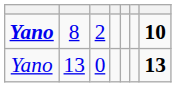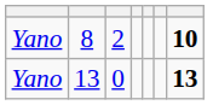 <table class="wikitable" style="text-align:center;">
 <tr>
 <th></th>
 <th></th>
 <th></th>
 <th></th>
 <th></th>
 <th></th>
 <th></th>
 </tr>
 <tr>
-<td><strong><a href='#'><em>Yano</em></a></strong></td>
+<td><a href='#'><em>Yano</em></a></td>
 <td><a href='#'>8</a></td>
 <td><a href='#'>2</a></td>
 <td></td>
 <td></td>
 <td></td>
 <td><strong>10</strong></td>
 </tr>
 <tr>
 <td><a href='#'><em>Yano</em></a></td>
 <td><a href='#'>13</a></td>
 <td><a href='#'>0</a></td>
 <td></td>
 <td></td>
 <td></td>
 <td><strong>13</strong></td>
 </tr>
 </table>
